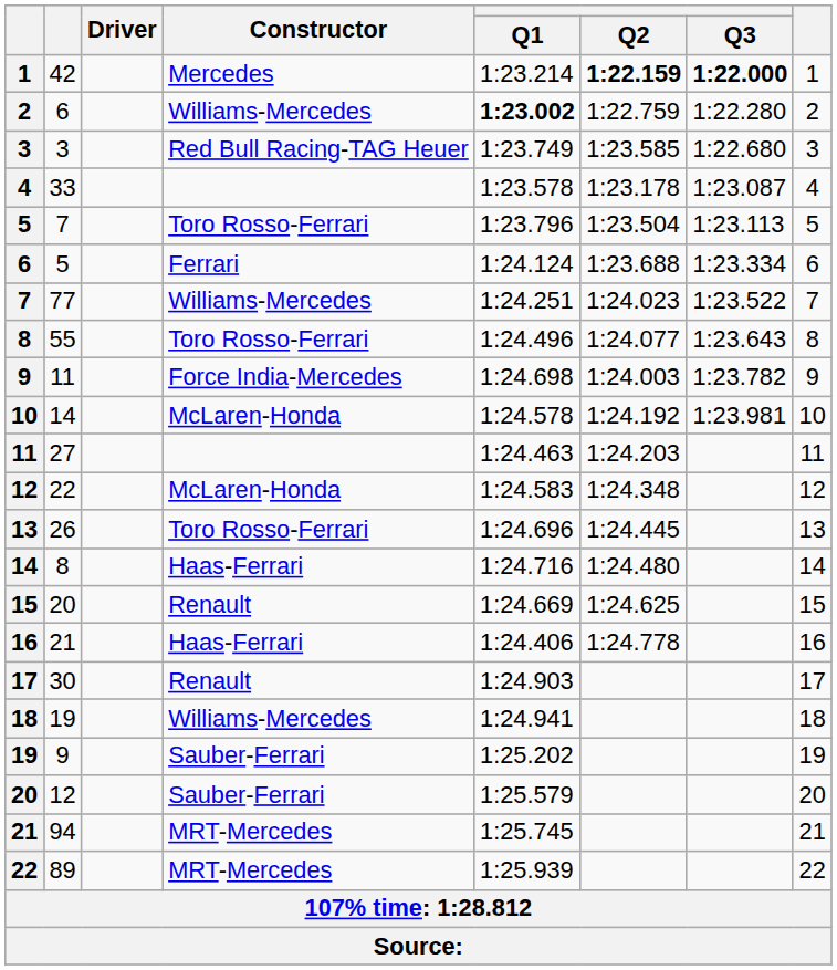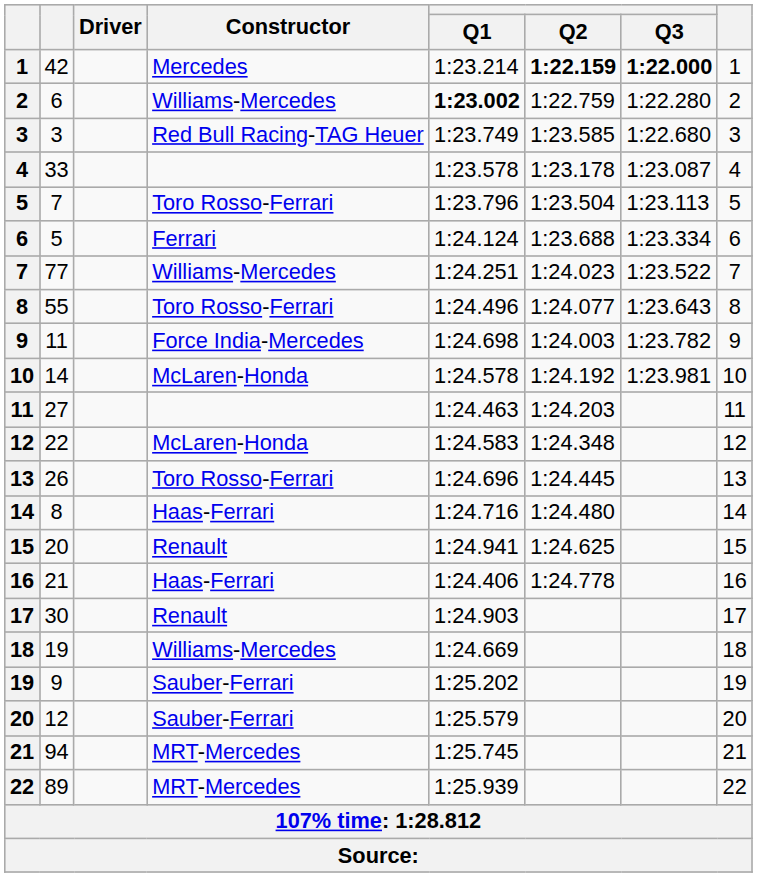 <table class="wikitable sortable" style="font-size: 85%;">
 <tr>
 <th rowspan="2"></th>
 <th rowspan="2"></th>
 <th rowspan="2">Driver</th>
 <th rowspan="2">Constructor</th>
 <th colspan="3"></th>
 <th rowspan="2"></th>
 </tr>
 <tr>
 <th>Q1</th>
 <th>Q2</th>
 <th>Q3</th>
 </tr>
 <tr>
 <th>1</th>
 <td align="center">42</td>
 <td></td>
 <td><a href='#'>Mercedes</a></td>
 <td>1:23.214</td>
 <td><strong>1:22.159</strong></td>
 <td><strong>1:22.000</strong></td>
 <td align="center">1</td>
 </tr>
 <tr>
 <th>2</th>
 <td align="center">6</td>
 <td></td>
 <td><a href='#'>Williams</a>-<a href='#'>Mercedes</a></td>
 <td><strong>1:23.002</strong></td>
 <td>1:22.759</td>
 <td>1:22.280</td>
 <td align="center">2</td>
 </tr>
 <tr>
 <th>3</th>
 <td align="center">3</td>
 <td></td>
 <td><a href='#'>Red Bull Racing</a>-<a href='#'>TAG Heuer</a></td>
 <td>1:23.749</td>
 <td>1:23.585</td>
 <td>1:22.680</td>
 <td align="center">3</td>
 </tr>
 <tr>
 <th>4</th>
 <td align="center">33</td>
 <td></td>
 <td></td>
 <td>1:23.578</td>
 <td>1:23.178</td>
 <td>1:23.087</td>
 <td align="center">4</td>
 </tr>
 <tr>
 <th>5</th>
 <td align="center">7</td>
 <td></td>
 <td><a href='#'>Toro Rosso</a>-<a href='#'>Ferrari</a></td>
 <td>1:23.796</td>
 <td>1:23.504</td>
 <td>1:23.113</td>
 <td align="center">5</td>
 </tr>
 <tr>
 <th>6</th>
 <td align="center">5</td>
 <td></td>
 <td><a href='#'>Ferrari</a></td>
 <td>1:24.124</td>
 <td>1:23.688</td>
 <td>1:23.334</td>
 <td align="center">6</td>
 </tr>
 <tr>
 <th>7</th>
 <td align="center">77</td>
 <td></td>
 <td><a href='#'>Williams</a>-<a href='#'>Mercedes</a></td>
 <td>1:24.251</td>
 <td>1:24.023</td>
 <td>1:23.522</td>
 <td align="center">7</td>
 </tr>
 <tr>
 <th>8</th>
 <td align="center">55</td>
 <td></td>
 <td><a href='#'>Toro Rosso</a>-<a href='#'>Ferrari</a></td>
 <td>1:24.496</td>
 <td>1:24.077</td>
 <td>1:23.643</td>
 <td align="center">8</td>
 </tr>
 <tr>
 <th>9</th>
 <td align="center">11</td>
 <td></td>
 <td><a href='#'>Force India</a>-<a href='#'>Mercedes</a></td>
 <td>1:24.698</td>
 <td>1:24.003</td>
 <td>1:23.782</td>
 <td align="center">9</td>
 </tr>
 <tr>
 <th>10</th>
 <td align="center">14</td>
 <td></td>
 <td><a href='#'>McLaren</a>-<a href='#'>Honda</a></td>
 <td>1:24.578</td>
 <td>1:24.192</td>
 <td>1:23.981</td>
 <td align="center">10</td>
 </tr>
 <tr>
 <th>11</th>
 <td align="center">27</td>
 <td></td>
 <td></td>
 <td>1:24.463</td>
 <td>1:24.203</td>
 <td></td>
 <td align="center">11</td>
 </tr>
 <tr>
 <th>12</th>
 <td align="center">22</td>
 <td></td>
 <td><a href='#'>McLaren</a>-<a href='#'>Honda</a></td>
 <td>1:24.583</td>
 <td>1:24.348</td>
 <td></td>
 <td align="center">12</td>
 </tr>
 <tr>
 <th>13</th>
 <td align="center">26</td>
 <td></td>
 <td><a href='#'>Toro Rosso</a>-<a href='#'>Ferrari</a></td>
 <td>1:24.696</td>
 <td>1:24.445</td>
 <td></td>
 <td align="center">13</td>
 </tr>
 <tr>
 <th>14</th>
 <td align="center">8</td>
 <td></td>
 <td><a href='#'>Haas</a>-<a href='#'>Ferrari</a></td>
 <td>1:24.716</td>
 <td>1:24.480</td>
 <td></td>
 <td align="center">14</td>
 </tr>
 <tr>
 <th>15</th>
 <td align="center">20</td>
 <td></td>
 <td><a href='#'>Renault</a></td>
-<td>1:24.669</td>
+<td>1:24.941</td>
 <td>1:24.625</td>
 <td></td>
 <td align="center">15</td>
 </tr>
 <tr>
 <th>16</th>
 <td align="center">21</td>
 <td></td>
 <td><a href='#'>Haas</a>-<a href='#'>Ferrari</a></td>
 <td>1:24.406</td>
 <td>1:24.778</td>
 <td></td>
 <td align="center">16</td>
 </tr>
 <tr>
 <th>17</th>
 <td align="center">30</td>
 <td></td>
 <td><a href='#'>Renault</a></td>
 <td>1:24.903</td>
 <td></td>
 <td></td>
 <td align="center">17</td>
 </tr>
 <tr>
 <th>18</th>
 <td align="center">19</td>
 <td></td>
 <td><a href='#'>Williams</a>-<a href='#'>Mercedes</a></td>
-<td>1:24.941</td>
+<td>1:24.669</td>
 <td></td>
 <td></td>
 <td align="center">18</td>
 </tr>
 <tr>
 <th>19</th>
 <td align="center">9</td>
 <td></td>
 <td><a href='#'>Sauber</a>-<a href='#'>Ferrari</a></td>
 <td>1:25.202</td>
 <td></td>
 <td></td>
 <td align="center">19</td>
 </tr>
 <tr>
 <th>20</th>
 <td align="center">12</td>
 <td></td>
 <td><a href='#'>Sauber</a>-<a href='#'>Ferrari</a></td>
 <td>1:25.579</td>
 <td></td>
 <td></td>
 <td align="center">20</td>
 </tr>
 <tr>
 <th>21</th>
 <td align="center">94</td>
 <td></td>
 <td><a href='#'>MRT</a>-<a href='#'>Mercedes</a></td>
 <td>1:25.745</td>
 <td></td>
 <td></td>
 <td align="center">21</td>
 </tr>
 <tr>
 <th>22</th>
 <td align="center">89</td>
 <td></td>
 <td><a href='#'>MRT</a>-<a href='#'>Mercedes</a></td>
 <td>1:25.939</td>
 <td></td>
 <td></td>
 <td align="center">22</td>
 </tr>
 <tr>
 <th colspan=8><a href='#'>107% time</a>: 1:28.812</th>
 </tr>
 <tr>
 <th colspan=8>Source:</th>
 </tr>
 </table>
